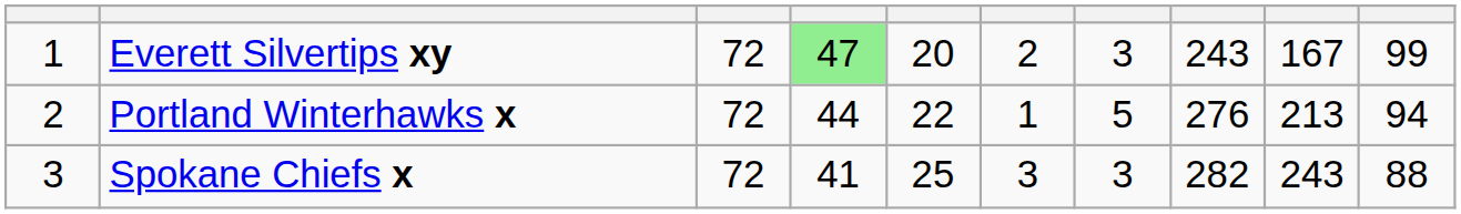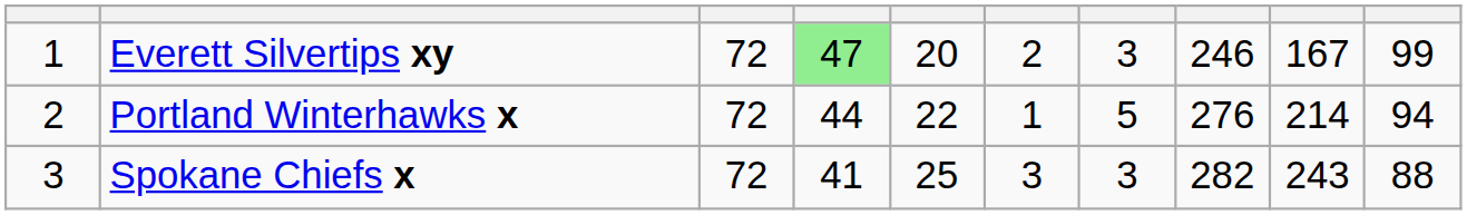 <table class="wikitable sortable">
 <tr>
 <th style="width:2em"></th>
 <th style="width:15em;" class="unsortable"></th>
 <th style="width:2em;"></th>
 <th style="width:2em;"></th>
 <th style="width:2em;"></th>
 <th style="width:2em;"></th>
 <th style="width:2em;"></th>
 <th style="width:2em;"></th>
 <th style="width:2em;"></th>
 <th style="width:2em;"></th>
 </tr>
 <tr style="font-weight: ; text-align: center;">
 <td>1</td>
 <td style="text-align:left;"><a href='#'>Everett Silvertips</a> <strong>xy</strong></td>
 <td>72</td>
 <td style="background: lightgreen;">47</td>
 <td>20</td>
 <td>2</td>
 <td>3</td>
-<td>243</td>
+<td>246</td>
 <td>167</td>
 <td>99</td>
 </tr>
 <tr style="font-weight: ; text-align: center;">
 <td>2</td>
 <td style="text-align:left;"><a href='#'>Portland Winterhawks</a> <strong>x</strong></td>
 <td>72</td>
 <td>44</td>
 <td>22</td>
 <td>1</td>
 <td>5</td>
 <td>276</td>
-<td>213</td>
+<td>214</td>
 <td>94</td>
 </tr>
 <tr style="font-weight: ; text-align: center;">
 <td>3</td>
 <td style="text-align:left;"><a href='#'>Spokane Chiefs</a> <strong>x</strong></td>
 <td>72</td>
 <td>41</td>
 <td>25</td>
 <td>3</td>
 <td>3</td>
 <td>282</td>
 <td>243</td>
 <td>88</td>
 </tr>
 </table>
